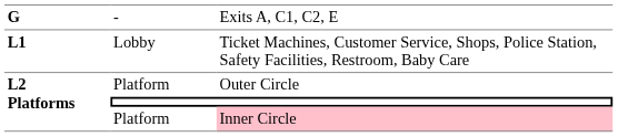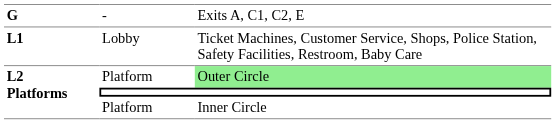 <table table border=0 cellspacing=0 cellpadding=3>
 <tr>
 <td style="border-top:solid 1px gray;" width=50 valign=top><strong>G</strong></td>
 <td style="border-top:solid 1px gray;" width=100 valign=top>-</td>
 <td style="border-top:solid 1px gray;" width=390 valign=top>Exits A, C1, C2, E</td>
 </tr>
 <tr>
 <td style="border-bottom:solid 1px gray; border-top:solid 1px gray;" valign=top width=100><strong>L1</strong></td>
 <td style="border-bottom:solid 1px gray; border-top:solid 1px gray;" valign=top width=100>Lobby</td>
 <td style="border-bottom:solid 1px gray; border-top:solid 1px gray;" valign=top width=390>Ticket Machines, Customer Service, Shops, Police Station, Safety Facilities, Restroom, Baby Care</td>
 </tr>
 <tr>
 <td style="border-bottom:solid 1px gray;" rowspan=3 valign=top><strong>L2<br>Platforms</strong></td>
 <td>Platform </td>
-<td>  Outer Circle </td>
+<td style="background: lightgreen;">  Outer Circle </td>
 </tr>
 <tr>
 <td style="border-right:solid 2px black;border-left:solid 2px black;border-top:solid 2px black;border-bottom:solid 2px black;text-align:center;" colspan=2></td>
 </tr>
 <tr>
 <td style="border-bottom:solid 1px gray;">Platform </td>
-<td style="background: pink; border-bottom:solid 1px gray;"> Inner Circle  </td>
+<td style="border-bottom:solid 1px gray;"> Inner Circle  </td>
 </tr>
 <tr>
 </tr>
 </table>
